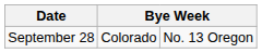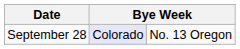 <table class="wikitable" style="font-size:95%;">
 <tr>
 <th>Date</th>
 <th colspan="2">Bye Week</th>
 </tr>
 <tr>
 <td>September 28</td>
-<td>Colorado</td>
+<td style="background: lavender;">Colorado</td>
 <td>No. 13 Oregon</td>
 </tr>
 </table>
